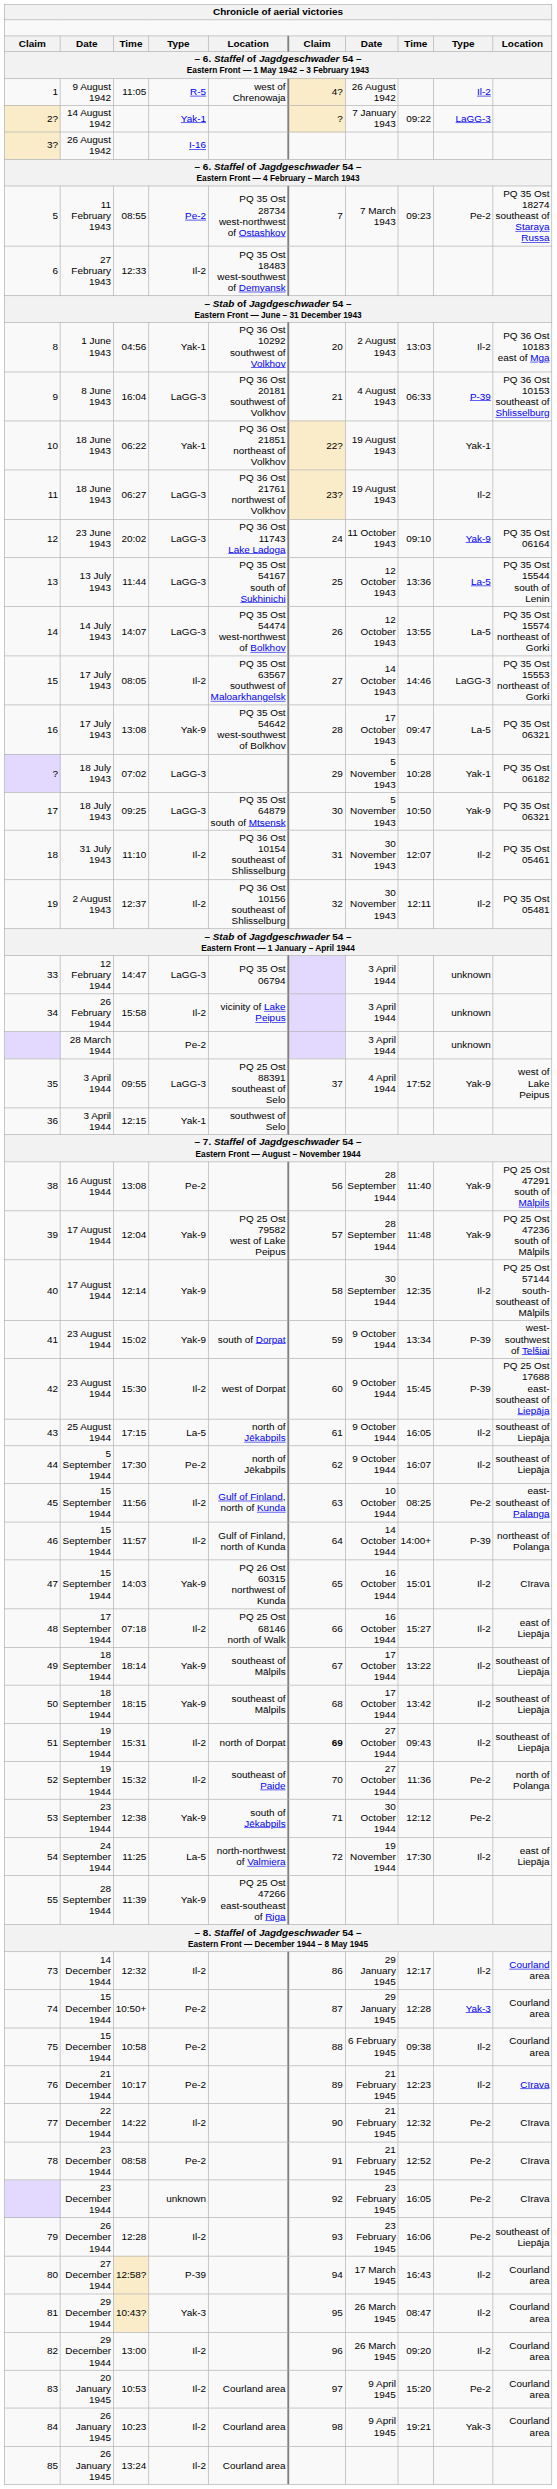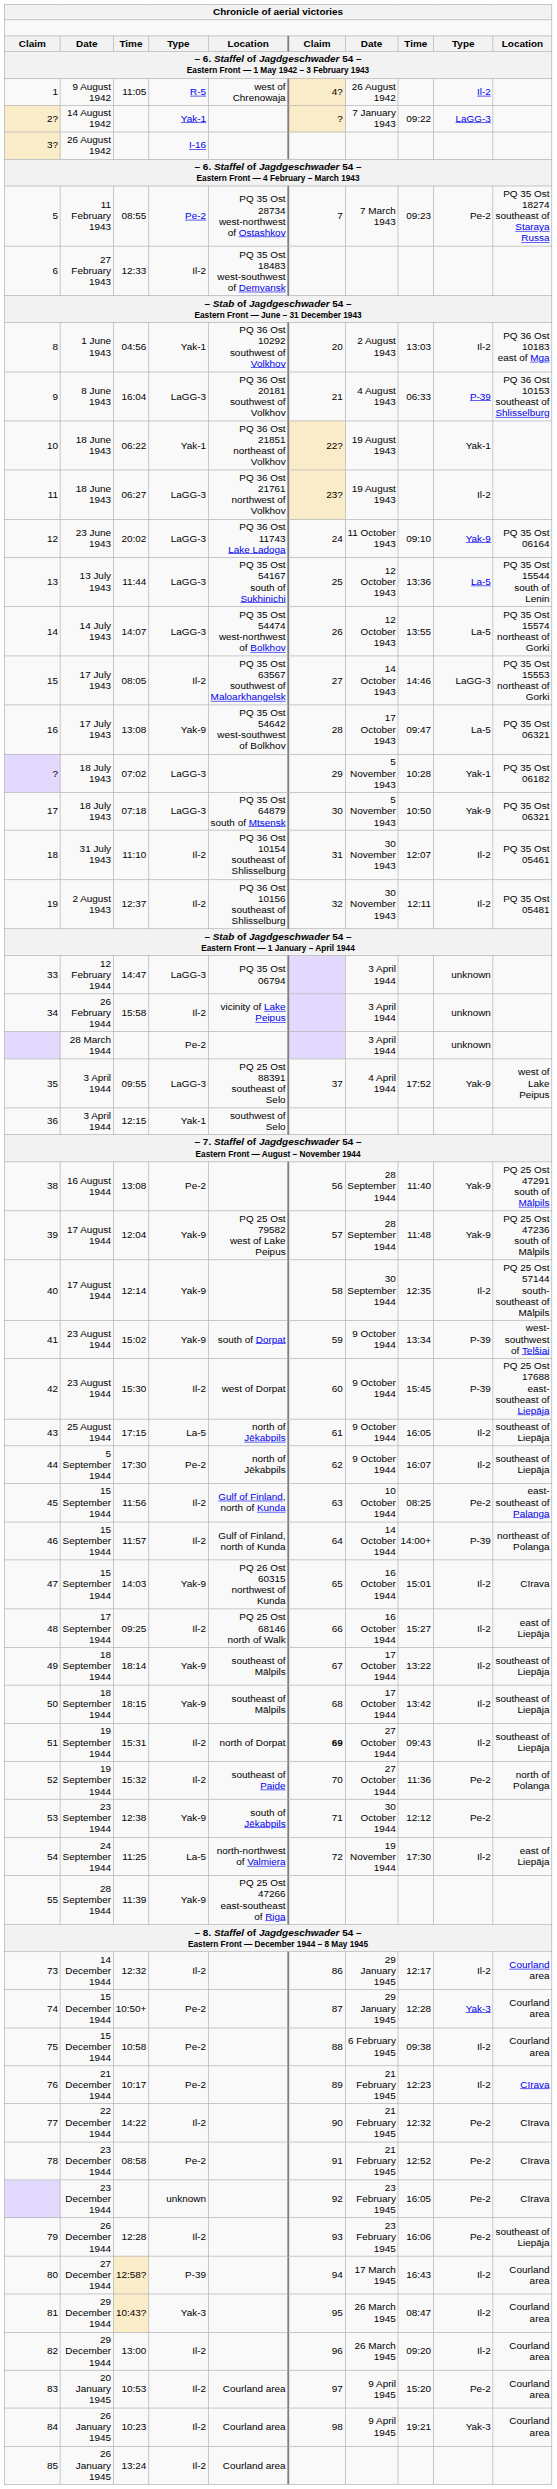 <table class="wikitable plainrowheaders collapsible" style="margin-left: auto; margin-right: auto; border: none; text-align:right; width: 100%;">
 <tr>
 <th colspan="10">Chronicle of aerial victories</th>
 </tr>
 <tr>
 <td colspan="10" style="text-align: left;"><br> </td>
 </tr>
 <tr>
 <th scope="col" width="100px">Claim</th>
 <th scope="col">Date</th>
 <th scope="col">Time</th>
 <th scope="col" width="100px">Type</th>
 <th scope="col">Location</th>
 <th scope="col" style="border-left: 3px solid grey;" width="100px">Claim</th>
 <th scope="col">Date</th>
 <th scope="col">Time</th>
 <th scope="col" width="100px">Type</th>
 <th scope="col">Location</th>
 </tr>
 <tr>
 <th colspan="10">– 6. <em>Staffel</em> of <em>Jagdgeschwader</em> 54 –<br><small>Eastern Front — 1 May 1942 – 3 February 1943</small></th>
 </tr>
 <tr>
 <td>1</td>
 <td>9 August 1942</td>
 <td>11:05</td>
 <td><a href='#'>R-5</a></td>
 <td>west of Chrenowaja</td>
 <td style="border-left: 3px solid grey; background:#faecc8">4?</td>
 <td>26 August 1942</td>
 <td></td>
 <td><a href='#'>Il-2</a></td>
 <td></td>
 </tr>
 <tr>
 <td style="background:#faecc8">2?</td>
 <td>14 August 1942</td>
 <td></td>
 <td><a href='#'>Yak-1</a></td>
 <td></td>
 <td style="border-left: 3px solid grey; background:#faecc8">?</td>
 <td>7 January 1943</td>
 <td>09:22</td>
 <td><a href='#'>LaGG-3</a></td>
 <td></td>
 </tr>
 <tr>
 <td style="background:#faecc8">3?</td>
 <td>26 August 1942</td>
 <td></td>
 <td><a href='#'>I-16</a></td>
 <td></td>
 <td style="border-left: 3px solid grey;"></td>
 <td></td>
 <td></td>
 <td></td>
 <td></td>
 </tr>
 <tr>
 <th colspan="10">– 6. <em>Staffel</em> of <em>Jagdgeschwader</em> 54 –<br><small>Eastern Front — 4 February – March 1943</small></th>
 </tr>
 <tr>
 <td>5</td>
 <td>11 February 1943</td>
 <td>08:55</td>
 <td><a href='#'>Pe-2</a></td>
 <td>PQ 35 Ost 28734<br> west-northwest of <a href='#'>Ostashkov</a></td>
 <td style="border-left: 3px solid grey;">7</td>
 <td>7 March 1943</td>
 <td>09:23</td>
 <td>Pe-2</td>
 <td>PQ 35 Ost 18274<br> southeast of <a href='#'>Staraya Russa</a></td>
 </tr>
 <tr>
 <td>6</td>
 <td>27 February 1943</td>
 <td>12:33</td>
 <td>Il-2</td>
 <td>PQ 35 Ost 18483<br> west-southwest of <a href='#'>Demyansk</a></td>
 <td style="border-left: 3px solid grey;"></td>
 <td></td>
 <td></td>
 <td></td>
 <td></td>
 </tr>
 <tr>
 <th colspan="10">– <em>Stab</em> of <em>Jagdgeschwader</em> 54 –<br><small>Eastern Front — June – 31 December 1943</small></th>
 </tr>
 <tr>
 <td>8</td>
 <td>1 June 1943</td>
 <td>04:56</td>
 <td>Yak-1</td>
 <td>PQ 36 Ost 10292<br> southwest of <a href='#'>Volkhov</a></td>
 <td style="border-left: 3px solid grey;">20</td>
 <td>2 August 1943</td>
 <td>13:03</td>
 <td>Il-2</td>
 <td>PQ 36 Ost 10183<br>east of <a href='#'>Mga</a></td>
 </tr>
 <tr>
 <td>9</td>
 <td>8 June 1943</td>
 <td>16:04</td>
 <td>LaGG-3</td>
 <td>PQ 36 Ost 20181<br>southwest of Volkhov</td>
 <td style="border-left: 3px solid grey;">21</td>
 <td>4 August 1943</td>
 <td>06:33</td>
 <td><a href='#'>P-39</a></td>
 <td>PQ 36 Ost 10153<br>southeast of <a href='#'>Shlisselburg</a></td>
 </tr>
 <tr>
 <td>10</td>
 <td>18 June 1943</td>
 <td>06:22</td>
 <td>Yak-1</td>
 <td>PQ 36 Ost 21851<br> northeast of Volkhov</td>
 <td style="border-left: 3px solid grey; background:#faecc8">22?</td>
 <td>19 August 1943</td>
 <td></td>
 <td>Yak-1</td>
 <td></td>
 </tr>
 <tr>
 <td>11</td>
 <td>18 June 1943</td>
 <td>06:27</td>
 <td>LaGG-3</td>
 <td>PQ 36 Ost 21761<br> northwest of Volkhov</td>
 <td style="border-left: 3px solid grey; background:#faecc8">23?</td>
 <td>19 August 1943</td>
 <td></td>
 <td>Il-2</td>
 <td></td>
 </tr>
 <tr>
 <td>12</td>
 <td>23 June 1943</td>
 <td>20:02</td>
 <td>LaGG-3</td>
 <td>PQ 36 Ost 11743<br><a href='#'>Lake Ladoga</a></td>
 <td style="border-left: 3px solid grey;">24</td>
 <td>11 October 1943</td>
 <td>09:10</td>
 <td><a href='#'>Yak-9</a></td>
 <td>PQ 35 Ost 06164</td>
 </tr>
 <tr>
 <td>13</td>
 <td>13 July 1943</td>
 <td>11:44</td>
 <td>LaGG-3</td>
 <td>PQ 35 Ost 54167<br> south of <a href='#'>Sukhinichi</a></td>
 <td style="border-left: 3px solid grey;">25</td>
 <td>12 October 1943</td>
 <td>13:36</td>
 <td><a href='#'>La-5</a></td>
 <td>PQ 35 Ost 15544<br>south of Lenin</td>
 </tr>
 <tr>
 <td>14</td>
 <td>14 July 1943</td>
 <td>14:07</td>
 <td>LaGG-3</td>
 <td>PQ 35 Ost 54474<br> west-northwest of <a href='#'>Bolkhov</a></td>
 <td style="border-left: 3px solid grey;">26</td>
 <td>12 October 1943</td>
 <td>13:55</td>
 <td>La-5</td>
 <td>PQ 35 Ost 15574<br>northeast of Gorki</td>
 </tr>
 <tr>
 <td>15</td>
 <td>17 July 1943</td>
 <td>08:05</td>
 <td>Il-2</td>
 <td>PQ 35 Ost 63567<br> southwest of <a href='#'>Maloarkhangelsk</a></td>
 <td style="border-left: 3px solid grey;">27</td>
 <td>14 October 1943</td>
 <td>14:46</td>
 <td>LaGG-3</td>
 <td>PQ 35 Ost 15553<br> northeast of Gorki</td>
 </tr>
 <tr>
 <td>16</td>
 <td>17 July 1943</td>
 <td>13:08</td>
 <td>Yak-9</td>
 <td>PQ 35 Ost 54642<br> west-southwest of Bolkhov</td>
 <td style="border-left: 3px solid grey;">28</td>
 <td>17 October 1943</td>
 <td>09:47</td>
 <td>La-5</td>
 <td>PQ 35 Ost 06321</td>
 </tr>
 <tr>
 <td style="background:#e3d9ff;">?</td>
 <td>18 July 1943</td>
 <td>07:02</td>
 <td>LaGG-3</td>
 <td></td>
 <td style="border-left: 3px solid grey;">29</td>
 <td>5 November 1943</td>
 <td>10:28</td>
 <td>Yak-1</td>
 <td>PQ 35 Ost 06182</td>
 </tr>
 <tr>
 <td>17</td>
 <td>18 July 1943</td>
-<td>09:25</td>
+<td>07:18</td>
 <td>LaGG-3</td>
 <td>PQ 35 Ost 64879<br> south of <a href='#'>Mtsensk</a></td>
 <td style="border-left: 3px solid grey;">30</td>
 <td>5 November 1943</td>
 <td>10:50</td>
 <td>Yak-9</td>
 <td>PQ 35 Ost 06321</td>
 </tr>
 <tr>
 <td>18</td>
 <td>31 July 1943</td>
 <td>11:10</td>
 <td>Il-2</td>
 <td>PQ 36 Ost 10154<br>southeast of Shlisselburg</td>
 <td style="border-left: 3px solid grey;">31</td>
 <td>30 November 1943</td>
 <td>12:07</td>
 <td>Il-2</td>
 <td>PQ 35 Ost 05461</td>
 </tr>
 <tr>
 <td>19</td>
 <td>2 August 1943</td>
 <td>12:37</td>
 <td>Il-2</td>
 <td>PQ 36 Ost 10156<br>southeast of Shlisselburg</td>
 <td style="border-left: 3px solid grey;">32</td>
 <td>30 November 1943</td>
 <td>12:11</td>
 <td>Il-2</td>
 <td>PQ 35 Ost 05481</td>
 </tr>
 <tr>
 <th colspan="10">– <em>Stab</em> of <em>Jagdgeschwader</em> 54 –<br><small>Eastern Front — 1 January – April 1944</small></th>
 </tr>
 <tr>
 <td>33</td>
 <td>12 February 1944</td>
 <td>14:47</td>
 <td>LaGG-3</td>
 <td>PQ 35 Ost 06794</td>
 <td style="border-left: 3px solid grey; background:#e3d9ff;"></td>
 <td>3 April 1944</td>
 <td></td>
 <td>unknown</td>
 <td></td>
 </tr>
 <tr>
 <td>34</td>
 <td>26 February 1944</td>
 <td>15:58</td>
 <td>Il-2</td>
 <td>vicinity of <a href='#'>Lake Peipus</a></td>
 <td style="border-left: 3px solid grey; background:#e3d9ff;"></td>
 <td>3 April 1944</td>
 <td></td>
 <td>unknown</td>
 <td></td>
 </tr>
 <tr>
 <td style="background:#e3d9ff;"></td>
 <td>28 March 1944</td>
 <td></td>
 <td>Pe-2</td>
 <td></td>
 <td style="border-left: 3px solid grey; background:#e3d9ff;"></td>
 <td>3 April 1944</td>
 <td></td>
 <td>unknown</td>
 <td></td>
 </tr>
 <tr>
 <td>35</td>
 <td>3 April 1944</td>
 <td>09:55</td>
 <td>LaGG-3</td>
 <td>PQ 25 Ost 88391<br> southeast of Selo</td>
 <td style="border-left: 3px solid grey;">37</td>
 <td>4 April 1944</td>
 <td>17:52</td>
 <td>Yak-9</td>
 <td>west of Lake Peipus</td>
 </tr>
 <tr>
 <td>36</td>
 <td>3 April 1944</td>
 <td>12:15</td>
 <td>Yak-1</td>
 <td> southwest of Selo</td>
 <td style="border-left: 3px solid grey;"></td>
 <td></td>
 <td></td>
 <td></td>
 <td></td>
 </tr>
 <tr>
 <th colspan="10">– 7. <em>Staffel</em> of <em>Jagdgeschwader</em> 54 –<br><small>Eastern Front — August – November 1944</small></th>
 </tr>
 <tr>
 <td>38</td>
 <td>16 August 1944</td>
 <td>13:08</td>
 <td>Pe-2</td>
 <td></td>
 <td style="border-left: 3px solid grey;">56</td>
 <td>28 September 1944</td>
 <td>11:40</td>
 <td>Yak-9</td>
 <td>PQ 25 Ost 47291<br> south of <a href='#'>Mālpils</a></td>
 </tr>
 <tr>
 <td>39</td>
 <td>17 August 1944</td>
 <td>12:04</td>
 <td>Yak-9</td>
 <td>PQ 25 Ost 79582<br>west of Lake Peipus</td>
 <td style="border-left: 3px solid grey;">57</td>
 <td>28 September 1944</td>
 <td>11:48</td>
 <td>Yak-9</td>
 <td>PQ 25 Ost 47236<br>south of Mālpils</td>
 </tr>
 <tr>
 <td>40</td>
 <td>17 August 1944</td>
 <td>12:14</td>
 <td>Yak-9</td>
 <td></td>
 <td style="border-left: 3px solid grey;">58</td>
 <td>30 September 1944</td>
 <td>12:35</td>
 <td>Il-2</td>
 <td>PQ 25 Ost 57144<br> south-southeast of Mālpils</td>
 </tr>
 <tr>
 <td>41</td>
 <td>23 August 1944</td>
 <td>15:02</td>
 <td>Yak-9</td>
 <td> south of <a href='#'>Dorpat</a></td>
 <td style="border-left: 3px solid grey;">59</td>
 <td>9 October 1944</td>
 <td>13:34</td>
 <td>P-39</td>
 <td> west-southwest of <a href='#'>Telšiai</a></td>
 </tr>
 <tr>
 <td>42</td>
 <td>23 August 1944</td>
 <td>15:30</td>
 <td>Il-2</td>
 <td>west of Dorpat</td>
 <td style="border-left: 3px solid grey;">60</td>
 <td>9 October 1944</td>
 <td>15:45</td>
 <td>P-39</td>
 <td>PQ 25 Ost 17688<br> east-southeast of <a href='#'>Liepāja</a></td>
 </tr>
 <tr>
 <td>43</td>
 <td>25 August 1944</td>
 <td>17:15</td>
 <td>La-5</td>
 <td> north of <a href='#'>Jēkabpils</a></td>
 <td style="border-left: 3px solid grey;">61</td>
 <td>9 October 1944</td>
 <td>16:05</td>
 <td>Il-2</td>
 <td> southeast of Liepāja</td>
 </tr>
 <tr>
 <td>44</td>
 <td>5 September 1944</td>
 <td>17:30</td>
 <td>Pe-2</td>
 <td> north of Jēkabpils</td>
 <td style="border-left: 3px solid grey;">62</td>
 <td>9 October 1944</td>
 <td>16:07</td>
 <td>Il-2</td>
 <td> southeast of Liepāja</td>
 </tr>
 <tr>
 <td>45</td>
 <td>15 September 1944</td>
 <td>11:56</td>
 <td>Il-2</td>
 <td><a href='#'>Gulf of Finland</a>, north of <a href='#'>Kunda</a></td>
 <td style="border-left: 3px solid grey;">63</td>
 <td>10 October 1944</td>
 <td>08:25</td>
 <td>Pe-2</td>
 <td> east-southeast of <a href='#'>Palanga</a></td>
 </tr>
 <tr>
 <td>46</td>
 <td>15 September 1944</td>
 <td>11:57</td>
 <td>Il-2</td>
 <td>Gulf of Finland, north of Kunda</td>
 <td style="border-left: 3px solid grey;">64</td>
 <td>14 October 1944</td>
 <td>14:00+</td>
 <td>P-39</td>
 <td> northeast of Polanga</td>
 </tr>
 <tr>
 <td>47</td>
 <td>15 September 1944</td>
 <td>14:03</td>
 <td>Yak-9</td>
 <td>PQ 26 Ost 60315<br>northwest of Kunda</td>
 <td style="border-left: 3px solid grey;">65</td>
 <td>16 October 1944</td>
 <td>15:01</td>
 <td>Il-2</td>
 <td>Cīrava</td>
 </tr>
 <tr>
 <td>48</td>
 <td>17 September 1944</td>
-<td>07:18</td>
+<td>09:25</td>
 <td>Il-2</td>
 <td>PQ 25 Ost 68146<br>north of Walk</td>
 <td style="border-left: 3px solid grey;">66</td>
 <td>16 October 1944</td>
 <td>15:27</td>
 <td>Il-2</td>
 <td> east of Liepāja</td>
 </tr>
 <tr>
 <td>49</td>
 <td>18 September 1944</td>
 <td>18:14</td>
 <td>Yak-9</td>
 <td> southeast of Mālpils</td>
 <td style="border-left: 3px solid grey;">67</td>
 <td>17 October 1944</td>
 <td>13:22</td>
 <td>Il-2</td>
 <td> southeast of Liepāja</td>
 </tr>
 <tr>
 <td>50</td>
 <td>18 September 1944</td>
 <td>18:15</td>
 <td>Yak-9</td>
 <td> southeast of Mālpils</td>
 <td style="border-left: 3px solid grey;">68</td>
 <td>17 October 1944</td>
 <td>13:42</td>
 <td>Il-2</td>
 <td> southeast of Liepāja</td>
 </tr>
 <tr>
 <td>51</td>
 <td>19 September 1944</td>
 <td>15:31</td>
 <td>Il-2</td>
 <td> north of Dorpat</td>
 <td style="border-left: 3px solid grey;"><strong>69</strong></td>
 <td>27 October 1944</td>
 <td>09:43</td>
 <td>Il-2</td>
 <td> southeast of Liepāja</td>
 </tr>
 <tr>
 <td>52</td>
 <td>19 September 1944</td>
 <td>15:32</td>
 <td>Il-2</td>
 <td>southeast of <a href='#'>Paide</a></td>
 <td style="border-left: 3px solid grey;">70</td>
 <td>27 October 1944</td>
 <td>11:36</td>
 <td>Pe-2</td>
 <td> north of Polanga</td>
 </tr>
 <tr>
 <td>53</td>
 <td>23 September 1944</td>
 <td>12:38</td>
 <td>Yak-9</td>
 <td>south of <a href='#'>Jēkabpils</a></td>
 <td style="border-left: 3px solid grey;">71</td>
 <td>30 October 1944</td>
 <td>12:12</td>
 <td>Pe-2</td>
 <td></td>
 </tr>
 <tr>
 <td>54</td>
 <td>24 September 1944</td>
 <td>11:25</td>
 <td>La-5</td>
 <td> north-northwest of <a href='#'>Valmiera</a></td>
 <td style="border-left: 3px solid grey;">72</td>
 <td>19 November 1944</td>
 <td>17:30</td>
 <td>Il-2</td>
 <td> east of Liepāja</td>
 </tr>
 <tr>
 <td>55</td>
 <td>28 September 1944</td>
 <td>11:39</td>
 <td>Yak-9</td>
 <td>PQ 25 Ost 47266<br> east-southeast of <a href='#'>Riga</a></td>
 <td style="border-left: 3px solid grey;"></td>
 <td></td>
 <td></td>
 <td></td>
 <td></td>
 </tr>
 <tr>
 <th colspan="10">– 8. <em>Staffel</em> of <em>Jagdgeschwader</em> 54 –<br><small>Eastern Front — December 1944 – 8 May 1945</small></th>
 </tr>
 <tr>
 <td>73</td>
 <td>14 December 1944</td>
 <td>12:32</td>
 <td>Il-2</td>
 <td></td>
 <td style="border-left: 3px solid grey;">86</td>
 <td>29 January 1945</td>
 <td>12:17</td>
 <td>Il-2</td>
 <td><a href='#'>Courland</a> area</td>
 </tr>
 <tr>
 <td>74</td>
 <td>15 December 1944</td>
 <td>10:50+</td>
 <td>Pe-2</td>
 <td></td>
 <td style="border-left: 3px solid grey;">87</td>
 <td>29 January 1945</td>
 <td>12:28</td>
 <td><a href='#'>Yak-3</a></td>
 <td>Courland area</td>
 </tr>
 <tr>
 <td>75</td>
 <td>15 December 1944</td>
 <td>10:58</td>
 <td>Pe-2</td>
 <td></td>
 <td style="border-left: 3px solid grey;">88</td>
 <td>6 February 1945</td>
 <td>09:38</td>
 <td>Il-2</td>
 <td>Courland area</td>
 </tr>
 <tr>
 <td>76</td>
 <td>21 December 1944</td>
 <td>10:17</td>
 <td>Pe-2</td>
 <td></td>
 <td style="border-left: 3px solid grey;">89</td>
 <td>21 February 1945</td>
 <td>12:23</td>
 <td>Il-2</td>
 <td><a href='#'>Cīrava</a></td>
 </tr>
 <tr>
 <td>77</td>
 <td>22 December 1944</td>
 <td>14:22</td>
 <td>Il-2</td>
 <td></td>
 <td style="border-left: 3px solid grey;">90</td>
 <td>21 February 1945</td>
 <td>12:32</td>
 <td>Pe-2</td>
 <td>Cīrava</td>
 </tr>
 <tr>
 <td>78</td>
 <td>23 December 1944</td>
 <td>08:58</td>
 <td>Pe-2</td>
 <td></td>
 <td style="border-left: 3px solid grey;">91</td>
 <td>21 February 1945</td>
 <td>12:52</td>
 <td>Pe-2</td>
 <td>Cīrava</td>
 </tr>
 <tr>
 <td style="background:#e3d9ff;"></td>
 <td>23 December 1944</td>
 <td></td>
 <td>unknown</td>
 <td></td>
 <td style="border-left: 3px solid grey;">92</td>
 <td>23 February 1945</td>
 <td>16:05</td>
 <td>Pe-2</td>
 <td>Cīrava</td>
 </tr>
 <tr>
 <td>79</td>
 <td>26 December 1944</td>
 <td>12:28</td>
 <td>Il-2</td>
 <td></td>
 <td style="border-left: 3px solid grey;">93</td>
 <td>23 February 1945</td>
 <td>16:06</td>
 <td>Pe-2</td>
 <td> southeast of Liepāja</td>
 </tr>
 <tr>
 <td>80</td>
 <td>27 December 1944</td>
 <td style="background:#faecc8">12:58?</td>
 <td>P-39</td>
 <td></td>
 <td style="border-left: 3px solid grey;">94</td>
 <td>17 March 1945</td>
 <td>16:43</td>
 <td>Il-2</td>
 <td>Courland area</td>
 </tr>
 <tr>
 <td>81</td>
 <td>29 December 1944</td>
 <td style="background:#faecc8">10:43?</td>
 <td>Yak-3</td>
 <td></td>
 <td style="border-left: 3px solid grey;">95</td>
 <td>26 March 1945</td>
 <td>08:47</td>
 <td>Il-2</td>
 <td>Courland area</td>
 </tr>
 <tr>
 <td>82</td>
 <td>29 December 1944</td>
 <td>13:00</td>
 <td>Il-2</td>
 <td></td>
 <td style="border-left: 3px solid grey;">96</td>
 <td>26 March 1945</td>
 <td>09:20</td>
 <td>Il-2</td>
 <td>Courland area</td>
 </tr>
 <tr>
 <td>83</td>
 <td>20 January 1945</td>
 <td>10:53</td>
 <td>Il-2</td>
 <td>Courland area</td>
 <td style="border-left: 3px solid grey;">97</td>
 <td>9 April 1945</td>
 <td>15:20</td>
 <td>Pe-2</td>
 <td>Courland area</td>
 </tr>
 <tr>
 <td>84</td>
 <td>26 January 1945</td>
 <td>10:23</td>
 <td>Il-2</td>
 <td>Courland area</td>
 <td style="border-left: 3px solid grey;">98</td>
 <td>9 April 1945</td>
 <td>19:21</td>
 <td>Yak-3</td>
 <td>Courland area</td>
 </tr>
 <tr>
 <td>85</td>
 <td>26 January 1945</td>
 <td>13:24</td>
 <td>Il-2</td>
 <td>Courland area</td>
 <td style="border-left: 3px solid grey;"></td>
 <td></td>
 <td></td>
 <td></td>
 <td></td>
 </tr>
 </table>
